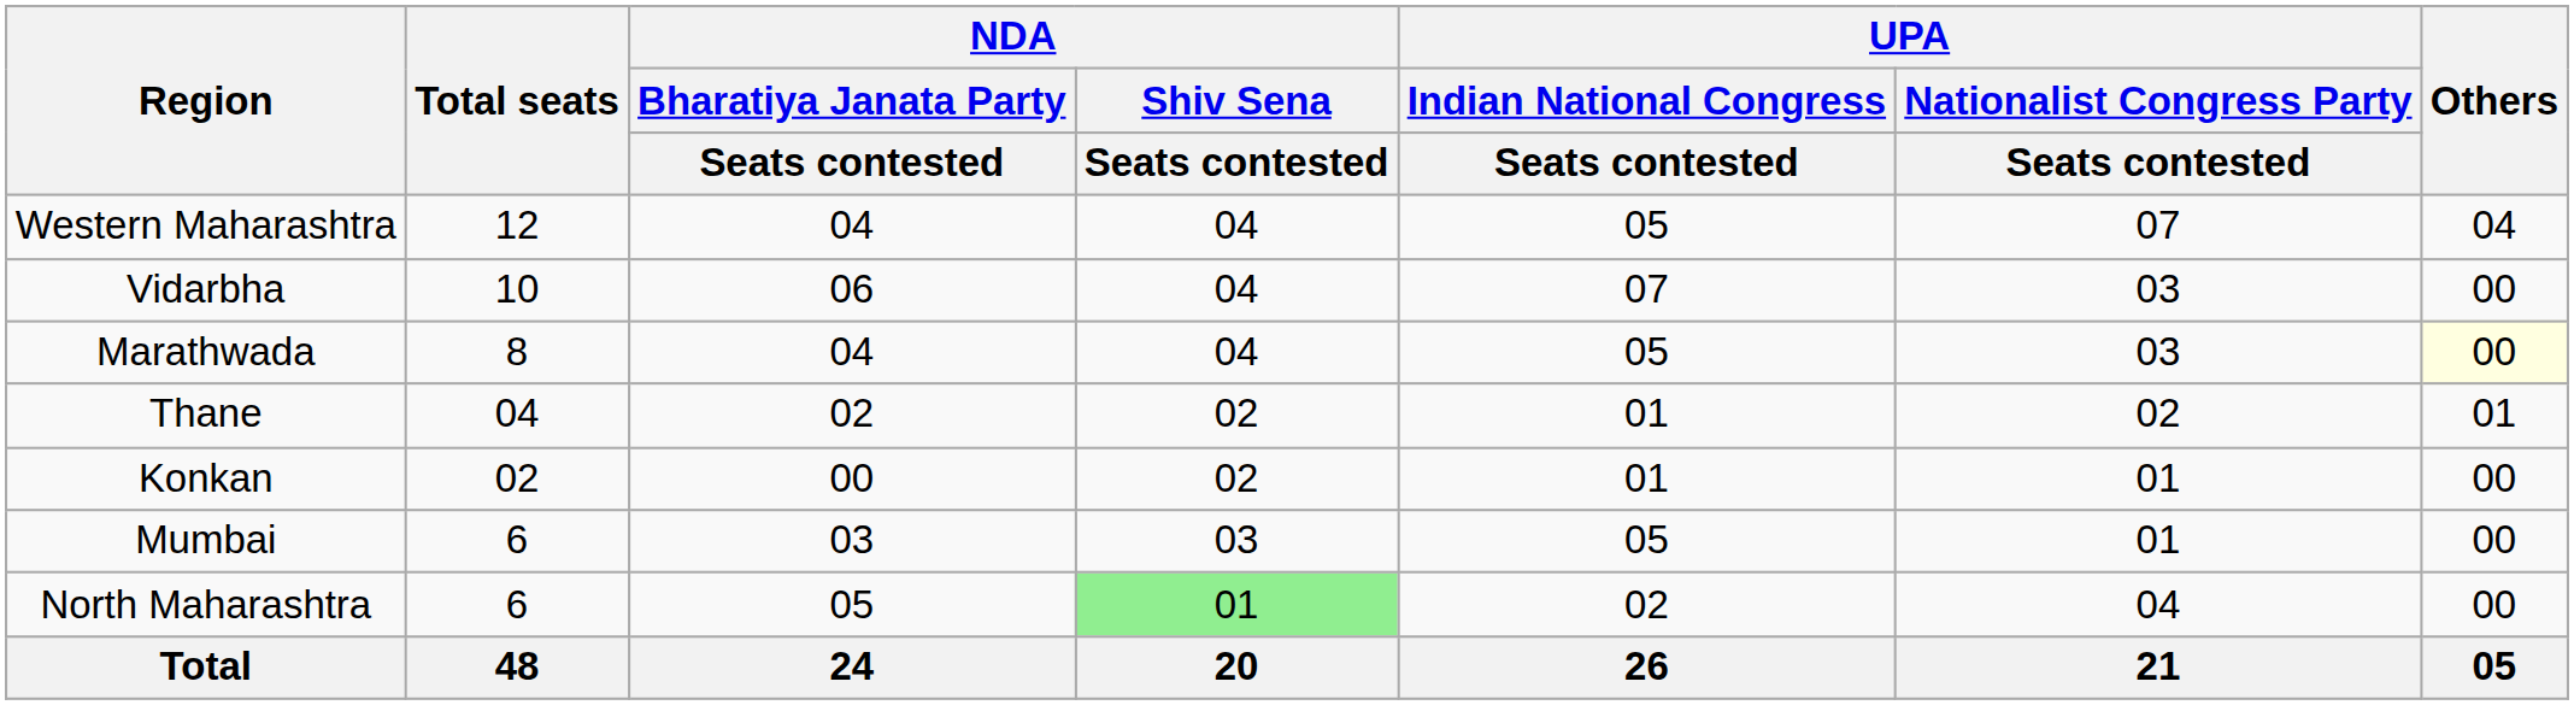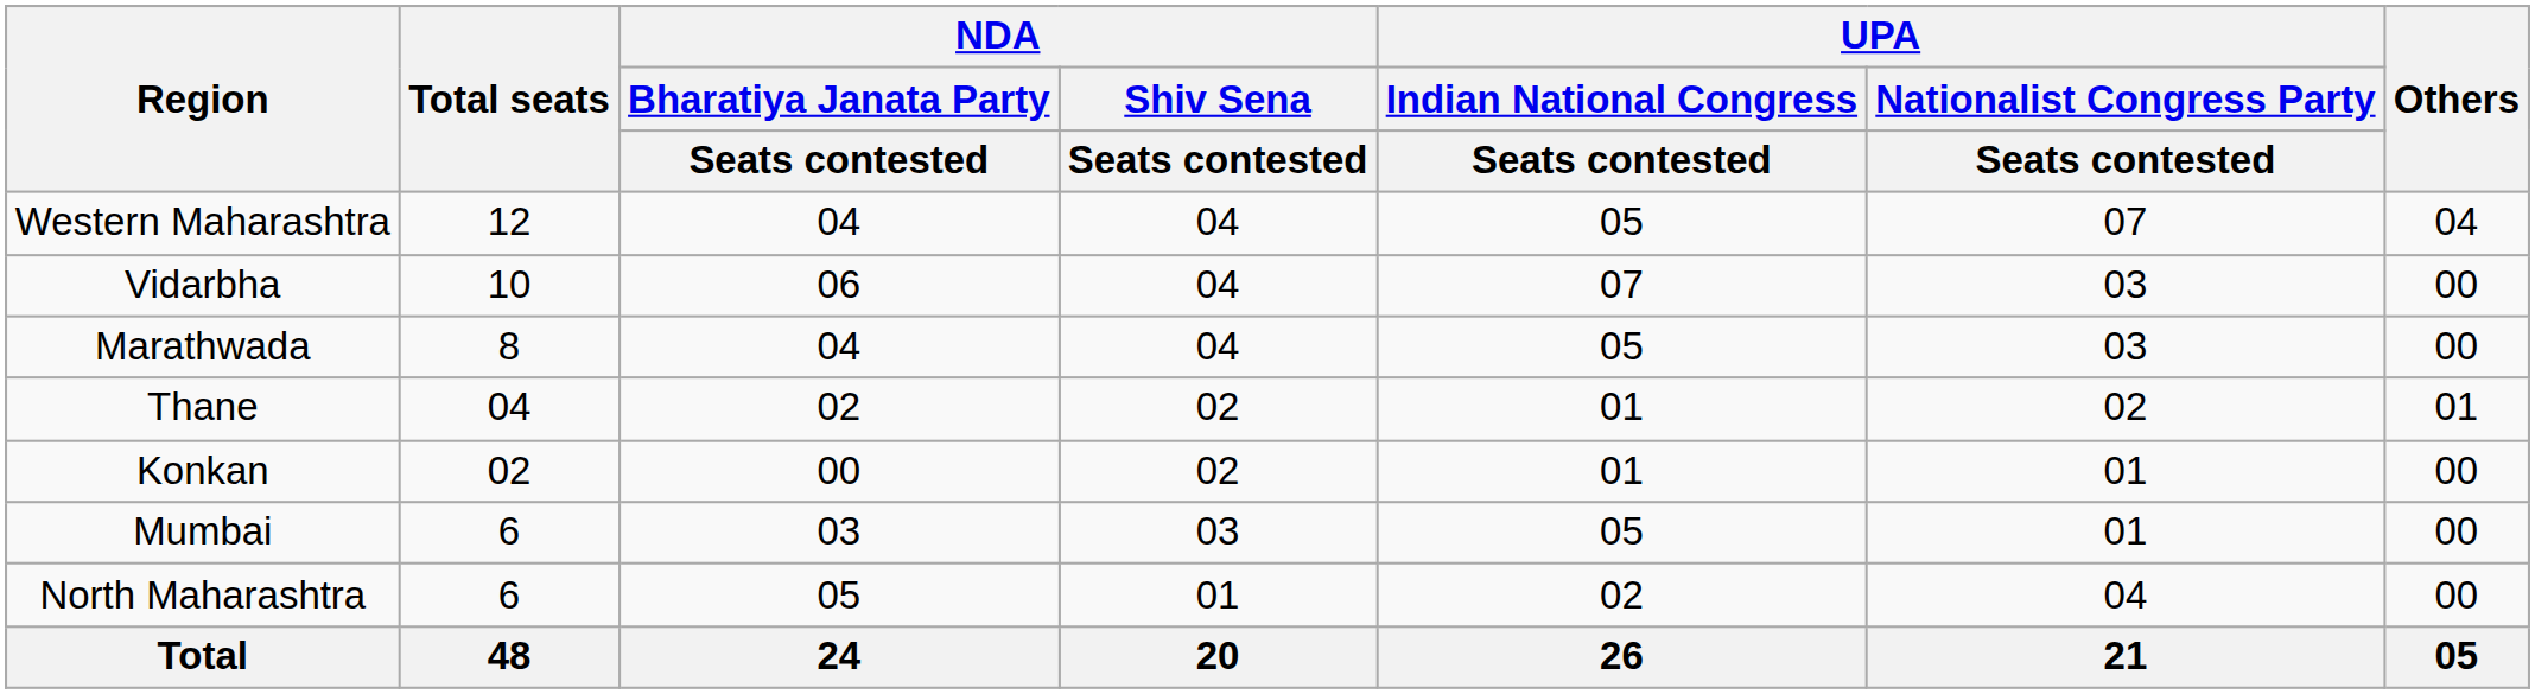 <table class="wikitable sortable" style="text-align:center;">
 <tr>
 <th rowspan="3">Region</th>
 <th rowspan="3">Total seats</th>
 <th colspan="2"><a href='#'>NDA</a></th>
 <th colspan="2"><a href='#'>UPA</a></th>
 <th rowspan="3">Others</th>
 </tr>
 <tr>
 <th><a href='#'>Bharatiya Janata Party</a></th>
 <th><a href='#'>Shiv Sena</a></th>
 <th><a href='#'>Indian National Congress</a></th>
 <th><a href='#'>Nationalist Congress Party</a></th>
 </tr>
 <tr>
 <th>Seats contested</th>
 <th>Seats contested</th>
 <th>Seats contested</th>
 <th>Seats contested</th>
 </tr>
 <tr>
 <td>Western Maharashtra</td>
 <td>12</td>
 <td>04</td>
 <td>04</td>
 <td>05</td>
 <td>07</td>
 <td>04</td>
 </tr>
 <tr>
 <td>Vidarbha</td>
 <td>10</td>
 <td>06</td>
 <td>04</td>
 <td>07</td>
 <td>03</td>
 <td>00</td>
 </tr>
 <tr>
 <td>Marathwada</td>
 <td>8</td>
 <td>04</td>
 <td>04</td>
 <td>05</td>
 <td>03</td>
-<td style="background: lightyellow;">00</td>
+<td>00</td>
 </tr>
 <tr>
 <td>Thane</td>
 <td>04</td>
 <td>02</td>
 <td>02</td>
 <td>01</td>
 <td>02</td>
 <td>01</td>
 </tr>
 <tr>
 <td>Konkan</td>
 <td>02</td>
 <td>00</td>
 <td>02</td>
 <td>01</td>
 <td>01</td>
 <td>00</td>
 </tr>
 <tr>
 <td>Mumbai</td>
 <td>6</td>
 <td>03</td>
 <td>03</td>
 <td>05</td>
 <td>01</td>
 <td>00</td>
 </tr>
 <tr>
 <td>North Maharashtra</td>
 <td>6</td>
 <td>05</td>
-<td style="background: lightgreen;">01</td>
+<td>01</td>
 <td>02</td>
 <td>04</td>
 <td>00</td>
 </tr>
 <tr>
 <th><strong>Total</strong></th>
 <th><strong>48</strong></th>
 <th>24</th>
 <th>20</th>
 <th>26</th>
 <th>21</th>
 <th>05</th>
 </tr>
 </table>
